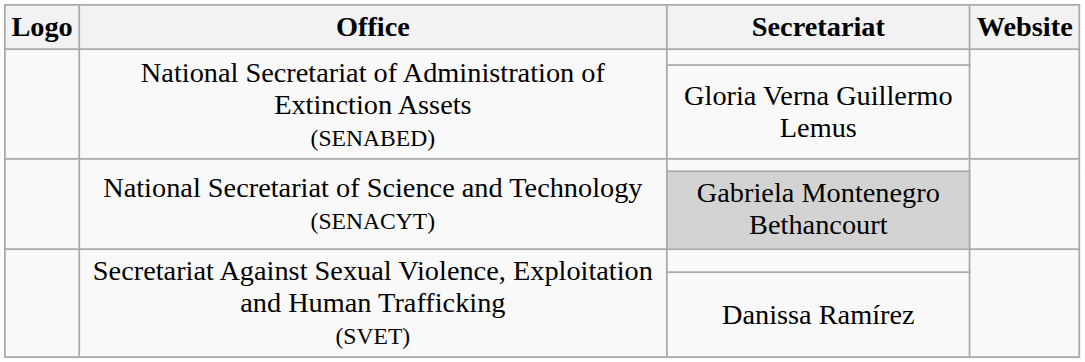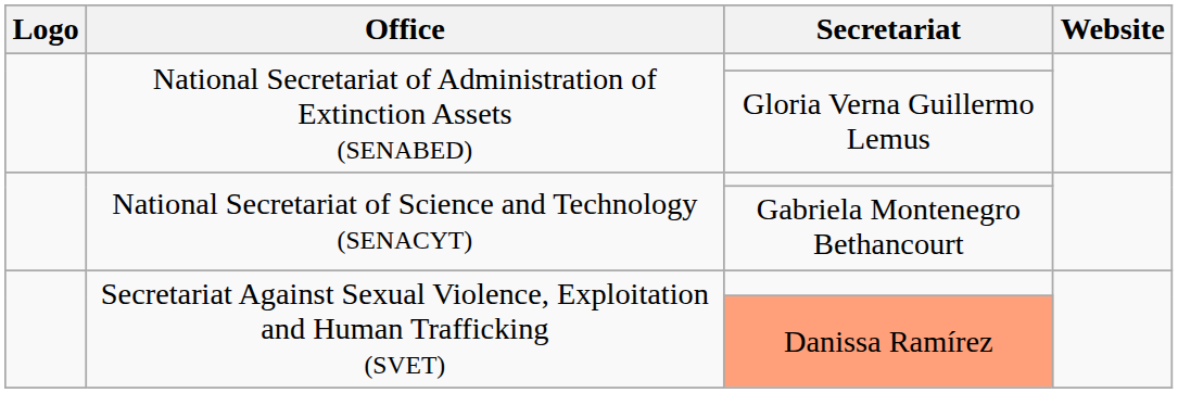 <table class="wikitable" style="text-align:Center">
 <tr>
 <th>Logo</th>
 <th>Office</th>
 <th>Secretariat</th>
 <th>Website</th>
 </tr>
 <tr>
 <td rowspan=2></td>
 <td rowspan=2>National Secretariat of Administration of Extinction Assets<br><small>(SENABED)</small></td>
 <td></td>
 <td rowspan=2></td>
 </tr>
 <tr>
 <td>Gloria Verna Guillermo Lemus</td>
 </tr>
 <tr>
 <td rowspan=2></td>
 <td rowspan=2>National Secretariat of Science and Technology<br><small>(SENACYT)</small></td>
 <td></td>
 <td rowspan=2><br></td>
 </tr>
 <tr>
-<td style="background: lightgrey;">Gabriela Montenegro Bethancourt</td>
+<td>Gabriela Montenegro Bethancourt</td>
 </tr>
 <tr>
 <td rowspan="2"></td>
 <td rowspan="2">Secretariat Against Sexual Violence, Exploitation and Human Trafficking <br><small>(SVET)</small></td>
 <td></td>
 <td rowspan="2"></td>
 </tr>
 <tr>
-<td>Danissa Ramírez</td>
+<td style="background: lightsalmon;">Danissa Ramírez</td>
 </tr>
 </table>
